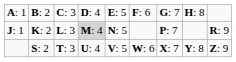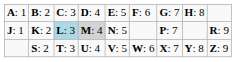 <table class="wikitable">
 <tr>
 <td><strong>A</strong>: 1</td>
 <td><strong>B</strong>: 2</td>
 <td><strong>C</strong>: 3</td>
 <td><strong>D</strong>: 4</td>
 <td><strong>E</strong>: 5</td>
 <td><strong>F</strong>: 6</td>
 <td><strong>G</strong>: 7</td>
 <td><strong>H</strong>: 8</td>
 <td></td>
 </tr>
 <tr>
 <td><strong>J</strong>: 1</td>
 <td><strong>K</strong>: 2</td>
-<td><strong>L</strong>: 3</td>
+<td style="background: lightblue;"><strong>L</strong>: 3</td>
 <td style="background: lightgrey;"><strong>M</strong>: 4</td>
 <td><strong>N</strong>: 5</td>
 <td></td>
 <td><strong>P</strong>: 7</td>
 <td></td>
 <td><strong>R</strong>: 9</td>
 </tr>
 <tr>
 <td></td>
 <td><strong>S</strong>: 2</td>
 <td><strong>T</strong>: 3</td>
 <td><strong>U</strong>: 4</td>
 <td><strong>V</strong>: 5</td>
 <td><strong>W</strong>: 6</td>
 <td><strong>X</strong>: 7</td>
 <td><strong>Y</strong>: 8</td>
 <td><strong>Z</strong>: 9</td>
 </tr>
 </table>
